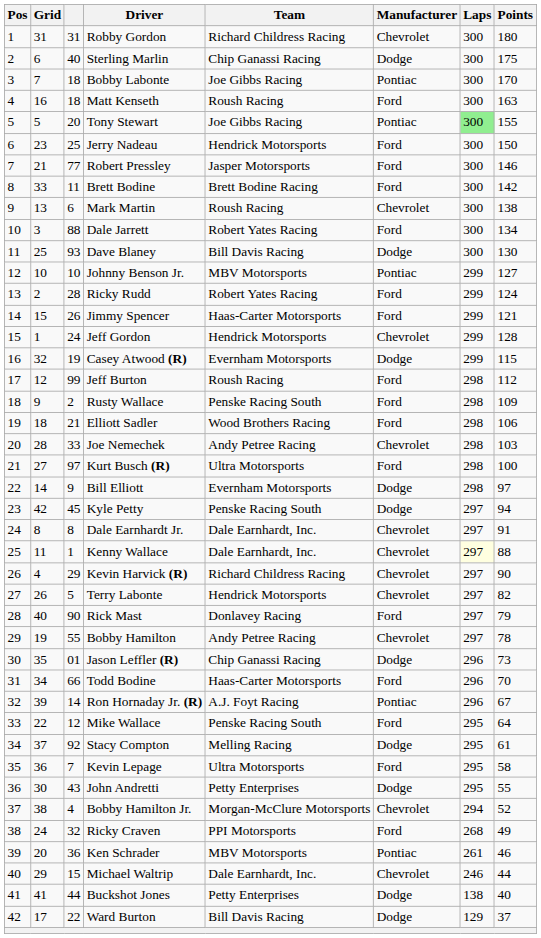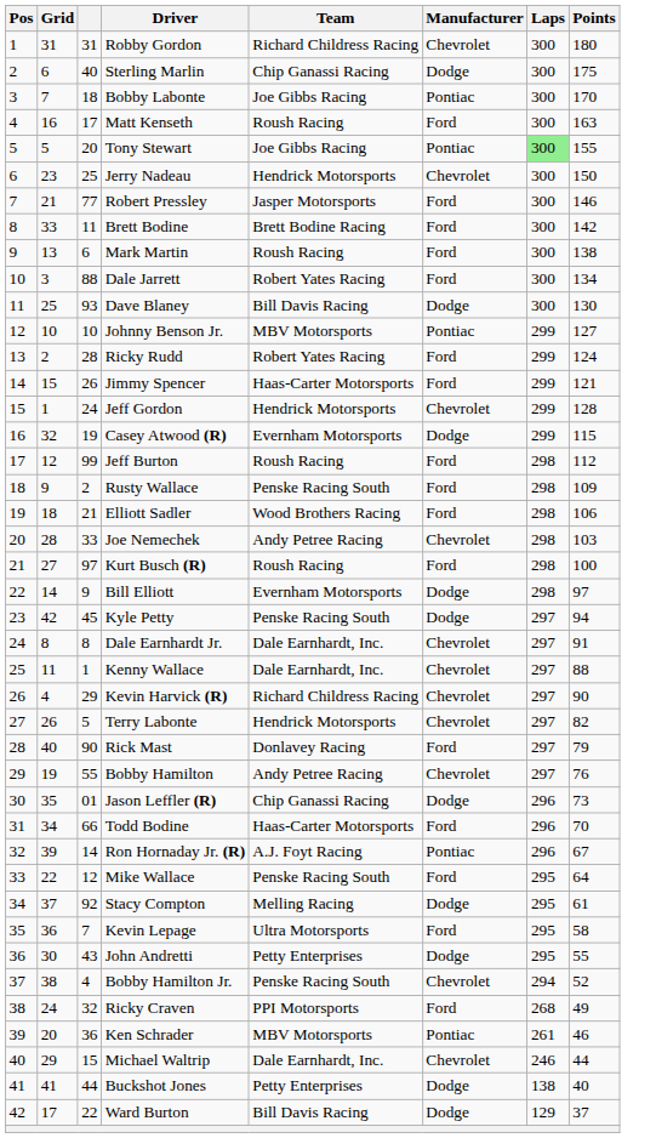 <table class="wikitable" style="font-size:98%">
 <tr>
 <th>Pos</th>
 <th>Grid</th>
 <th></th>
 <th>Driver</th>
 <th>Team</th>
 <th>Manufacturer</th>
 <th>Laps</th>
 <th>Points</th>
 </tr>
 <tr>
 <td>1</td>
 <td>31</td>
 <td>31</td>
 <td>Robby Gordon</td>
 <td>Richard Childress Racing</td>
 <td>Chevrolet</td>
 <td>300</td>
 <td>180</td>
 </tr>
 <tr>
 <td>2</td>
 <td>6</td>
 <td>40</td>
 <td>Sterling Marlin</td>
 <td>Chip Ganassi Racing</td>
 <td>Dodge</td>
 <td>300</td>
 <td>175</td>
 </tr>
 <tr>
 <td>3</td>
 <td>7</td>
 <td>18</td>
 <td>Bobby Labonte</td>
 <td>Joe Gibbs Racing</td>
 <td>Pontiac</td>
 <td>300</td>
 <td>170</td>
 </tr>
 <tr>
 <td>4</td>
 <td>16</td>
-<td>18</td>
+<td>17</td>
 <td>Matt Kenseth</td>
 <td>Roush Racing</td>
 <td>Ford</td>
 <td>300</td>
 <td>163</td>
 </tr>
 <tr>
 <td>5</td>
 <td>5</td>
 <td>20</td>
 <td>Tony Stewart</td>
 <td>Joe Gibbs Racing</td>
 <td>Pontiac</td>
 <td style="background: lightgreen;">300</td>
 <td>155</td>
 </tr>
 <tr>
 <td>6</td>
 <td>23</td>
 <td>25</td>
 <td>Jerry Nadeau</td>
 <td>Hendrick Motorsports</td>
-<td>Ford</td>
+<td>Chevrolet</td>
 <td>300</td>
 <td>150</td>
 </tr>
 <tr>
 <td>7</td>
 <td>21</td>
 <td>77</td>
 <td>Robert Pressley</td>
 <td>Jasper Motorsports</td>
 <td>Ford</td>
 <td>300</td>
 <td>146</td>
 </tr>
 <tr>
 <td>8</td>
 <td>33</td>
 <td>11</td>
 <td>Brett Bodine</td>
 <td>Brett Bodine Racing</td>
 <td>Ford</td>
 <td>300</td>
 <td>142</td>
 </tr>
 <tr>
 <td>9</td>
 <td>13</td>
 <td>6</td>
 <td>Mark Martin</td>
 <td>Roush Racing</td>
-<td>Chevrolet</td>
+<td>Ford</td>
 <td>300</td>
 <td>138</td>
 </tr>
 <tr>
 <td>10</td>
 <td>3</td>
 <td>88</td>
 <td>Dale Jarrett</td>
 <td>Robert Yates Racing</td>
 <td>Ford</td>
 <td>300</td>
 <td>134</td>
 </tr>
 <tr>
 <td>11</td>
 <td>25</td>
 <td>93</td>
 <td>Dave Blaney</td>
 <td>Bill Davis Racing</td>
 <td>Dodge</td>
 <td>300</td>
 <td>130</td>
 </tr>
 <tr>
 <td>12</td>
 <td>10</td>
 <td>10</td>
 <td>Johnny Benson Jr.</td>
 <td>MBV Motorsports</td>
 <td>Pontiac</td>
 <td>299</td>
 <td>127</td>
 </tr>
 <tr>
 <td>13</td>
 <td>2</td>
 <td>28</td>
 <td>Ricky Rudd</td>
 <td>Robert Yates Racing</td>
 <td>Ford</td>
 <td>299</td>
 <td>124</td>
 </tr>
 <tr>
 <td>14</td>
 <td>15</td>
 <td>26</td>
 <td>Jimmy Spencer</td>
 <td>Haas-Carter Motorsports</td>
 <td>Ford</td>
 <td>299</td>
 <td>121</td>
 </tr>
 <tr>
 <td>15</td>
 <td>1</td>
 <td>24</td>
 <td>Jeff Gordon</td>
 <td>Hendrick Motorsports</td>
 <td>Chevrolet</td>
 <td>299</td>
 <td>128</td>
 </tr>
 <tr>
 <td>16</td>
 <td>32</td>
 <td>19</td>
 <td>Casey Atwood <strong>(R)</strong></td>
 <td>Evernham Motorsports</td>
 <td>Dodge</td>
 <td>299</td>
 <td>115</td>
 </tr>
 <tr>
 <td>17</td>
 <td>12</td>
 <td>99</td>
 <td>Jeff Burton</td>
 <td>Roush Racing</td>
 <td>Ford</td>
 <td>298</td>
 <td>112</td>
 </tr>
 <tr>
 <td>18</td>
 <td>9</td>
 <td>2</td>
 <td>Rusty Wallace</td>
 <td>Penske Racing South</td>
 <td>Ford</td>
 <td>298</td>
 <td>109</td>
 </tr>
 <tr>
 <td>19</td>
 <td>18</td>
 <td>21</td>
 <td>Elliott Sadler</td>
 <td>Wood Brothers Racing</td>
 <td>Ford</td>
 <td>298</td>
 <td>106</td>
 </tr>
 <tr>
 <td>20</td>
 <td>28</td>
 <td>33</td>
 <td>Joe Nemechek</td>
 <td>Andy Petree Racing</td>
 <td>Chevrolet</td>
 <td>298</td>
 <td>103</td>
 </tr>
 <tr>
 <td>21</td>
 <td>27</td>
 <td>97</td>
 <td>Kurt Busch <strong>(R)</strong></td>
-<td>Ultra Motorsports</td>
+<td>Roush Racing</td>
 <td>Ford</td>
 <td>298</td>
 <td>100</td>
 </tr>
 <tr>
 <td>22</td>
 <td>14</td>
 <td>9</td>
 <td>Bill Elliott</td>
 <td>Evernham Motorsports</td>
 <td>Dodge</td>
 <td>298</td>
 <td>97</td>
 </tr>
 <tr>
 <td>23</td>
 <td>42</td>
 <td>45</td>
 <td>Kyle Petty</td>
 <td>Penske Racing South</td>
 <td>Dodge</td>
 <td>297</td>
 <td>94</td>
 </tr>
 <tr>
 <td>24</td>
 <td>8</td>
 <td>8</td>
 <td>Dale Earnhardt Jr.</td>
 <td>Dale Earnhardt, Inc.</td>
 <td>Chevrolet</td>
 <td>297</td>
 <td>91</td>
 </tr>
 <tr>
 <td>25</td>
 <td>11</td>
 <td>1</td>
 <td>Kenny Wallace</td>
 <td>Dale Earnhardt, Inc.</td>
 <td>Chevrolet</td>
-<td style="background: lightyellow;">297</td>
+<td>297</td>
 <td>88</td>
 </tr>
 <tr>
 <td>26</td>
 <td>4</td>
 <td>29</td>
 <td>Kevin Harvick <strong>(R)</strong></td>
 <td>Richard Childress Racing</td>
 <td>Chevrolet</td>
 <td>297</td>
 <td>90</td>
 </tr>
 <tr>
 <td>27</td>
 <td>26</td>
 <td>5</td>
 <td>Terry Labonte</td>
 <td>Hendrick Motorsports</td>
 <td>Chevrolet</td>
 <td>297</td>
 <td>82</td>
 </tr>
 <tr>
 <td>28</td>
 <td>40</td>
 <td>90</td>
 <td>Rick Mast</td>
 <td>Donlavey Racing</td>
 <td>Ford</td>
 <td>297</td>
 <td>79</td>
 </tr>
 <tr>
 <td>29</td>
 <td>19</td>
 <td>55</td>
 <td>Bobby Hamilton</td>
 <td>Andy Petree Racing</td>
 <td>Chevrolet</td>
 <td>297</td>
-<td>78</td>
+<td>76</td>
 </tr>
 <tr>
 <td>30</td>
 <td>35</td>
 <td>01</td>
 <td>Jason Leffler <strong>(R)</strong></td>
 <td>Chip Ganassi Racing</td>
 <td>Dodge</td>
 <td>296</td>
 <td>73</td>
 </tr>
 <tr>
 <td>31</td>
 <td>34</td>
 <td>66</td>
 <td>Todd Bodine</td>
 <td>Haas-Carter Motorsports</td>
 <td>Ford</td>
 <td>296</td>
 <td>70</td>
 </tr>
 <tr>
 <td>32</td>
 <td>39</td>
 <td>14</td>
 <td>Ron Hornaday Jr. <strong>(R)</strong></td>
 <td>A.J. Foyt Racing</td>
 <td>Pontiac</td>
 <td>296</td>
 <td>67</td>
 </tr>
 <tr>
 <td>33</td>
 <td>22</td>
 <td>12</td>
 <td>Mike Wallace</td>
 <td>Penske Racing South</td>
 <td>Ford</td>
 <td>295</td>
 <td>64</td>
 </tr>
 <tr>
 <td>34</td>
 <td>37</td>
 <td>92</td>
 <td>Stacy Compton</td>
 <td>Melling Racing</td>
 <td>Dodge</td>
 <td>295</td>
 <td>61</td>
 </tr>
 <tr>
 <td>35</td>
 <td>36</td>
 <td>7</td>
 <td>Kevin Lepage</td>
 <td>Ultra Motorsports</td>
 <td>Ford</td>
 <td>295</td>
 <td>58</td>
 </tr>
 <tr>
 <td>36</td>
 <td>30</td>
 <td>43</td>
 <td>John Andretti</td>
 <td>Petty Enterprises</td>
 <td>Dodge</td>
 <td>295</td>
 <td>55</td>
 </tr>
 <tr>
 <td>37</td>
 <td>38</td>
 <td>4</td>
 <td>Bobby Hamilton Jr.</td>
-<td>Morgan-McClure Motorsports</td>
+<td>Penske Racing South</td>
 <td>Chevrolet</td>
 <td>294</td>
 <td>52</td>
 </tr>
 <tr>
 <td>38</td>
 <td>24</td>
 <td>32</td>
 <td>Ricky Craven</td>
 <td>PPI Motorsports</td>
 <td>Ford</td>
 <td>268</td>
 <td>49</td>
 </tr>
 <tr>
 <td>39</td>
 <td>20</td>
 <td>36</td>
 <td>Ken Schrader</td>
 <td>MBV Motorsports</td>
 <td>Pontiac</td>
 <td>261</td>
 <td>46</td>
 </tr>
 <tr>
 <td>40</td>
 <td>29</td>
 <td>15</td>
 <td>Michael Waltrip</td>
 <td>Dale Earnhardt, Inc.</td>
 <td>Chevrolet</td>
 <td>246</td>
 <td>44</td>
 </tr>
 <tr>
 <td>41</td>
 <td>41</td>
 <td>44</td>
 <td>Buckshot Jones</td>
 <td>Petty Enterprises</td>
 <td>Dodge</td>
 <td>138</td>
 <td>40</td>
 </tr>
 <tr>
 <td>42</td>
 <td>17</td>
 <td>22</td>
 <td>Ward Burton</td>
 <td>Bill Davis Racing</td>
 <td>Dodge</td>
 <td>129</td>
 <td>37</td>
 </tr>
 <tr>
 <th colspan="8"></th>
 </tr>
 </table>
